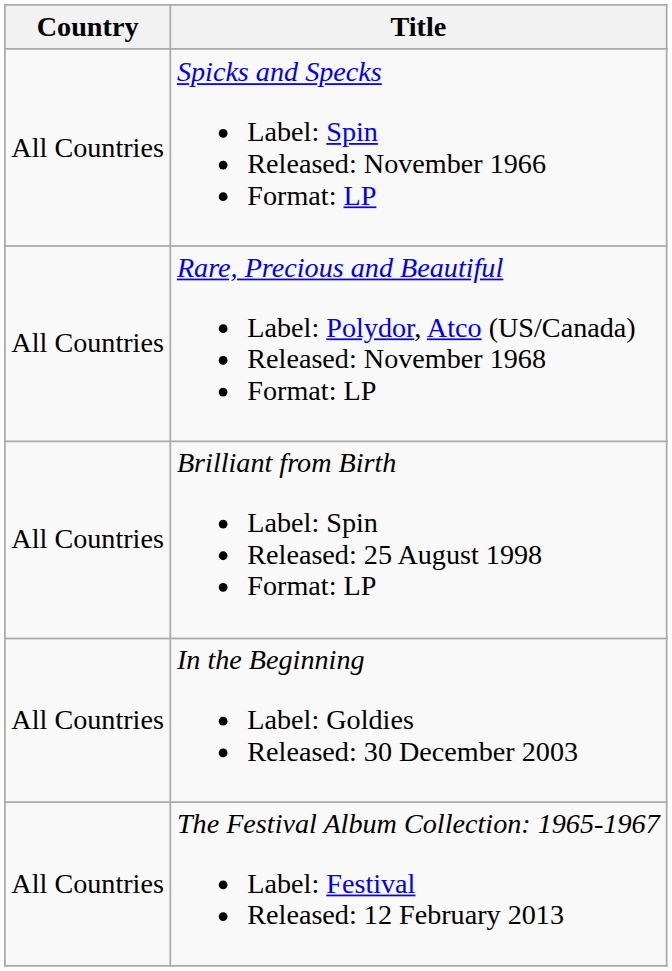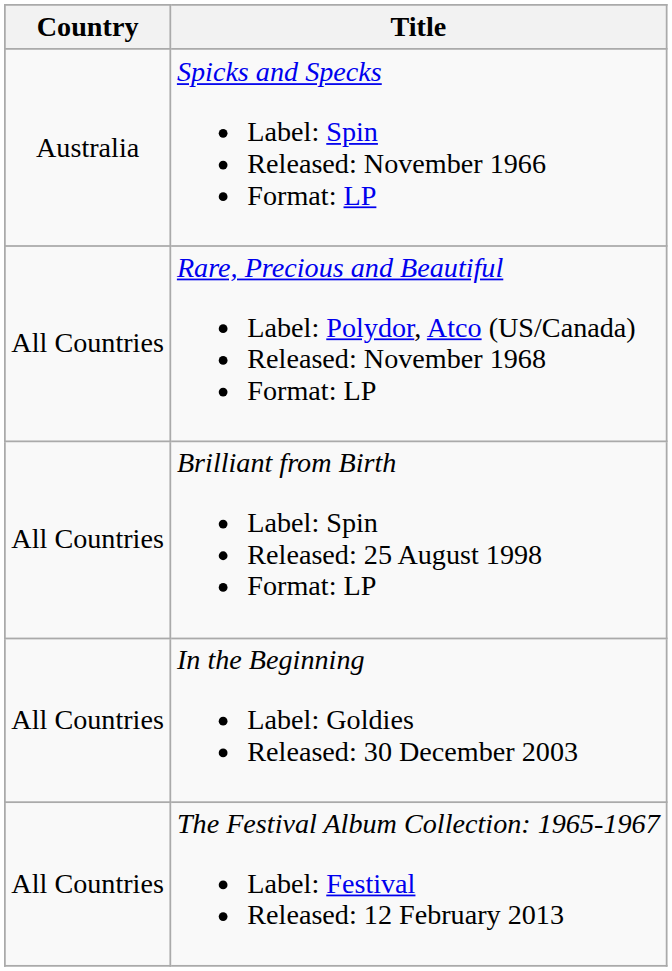 <table class="wikitable" style="text-align: center">
 <tr>
 <th>Country</th>
 <th>Title</th>
 </tr>
 <tr>
-<td>All Countries</td>
+<td>Australia</td>
 <td style="text-align:left;"><em><a href='#'>Spicks and Specks</a></em><br><ul><li>Label: <a href='#'>Spin</a></li><li>Released: November 1966</li><li>Format: <a href='#'>LP</a></li></ul></td>
 </tr>
 <tr>
 <td>All Countries</td>
 <td style="text-align:left;"><em><a href='#'>Rare, Precious and Beautiful</a></em><br><ul><li>Label: <a href='#'>Polydor</a>, <a href='#'>Atco</a> (US/Canada)</li><li>Released: November 1968</li><li>Format: LP</li></ul></td>
 </tr>
 <tr>
 <td>All Countries</td>
 <td style="text-align:left;"><em>Brilliant from Birth</em><br><ul><li>Label: Spin</li><li>Released: 25 August 1998</li><li>Format: LP</li></ul></td>
 </tr>
 <tr>
 <td>All Countries</td>
 <td style="text-align:left;"><em>In the Beginning</em><br><ul><li>Label: Goldies</li><li>Released: 30 December 2003</li></ul></td>
 </tr>
 <tr>
 <td>All Countries</td>
 <td style="text-align:left;"><em>The Festival Album Collection: 1965-1967</em><br><ul><li>Label: <a href='#'>Festival</a></li><li>Released: 12 February 2013</li></ul></td>
 </tr>
 </table>
